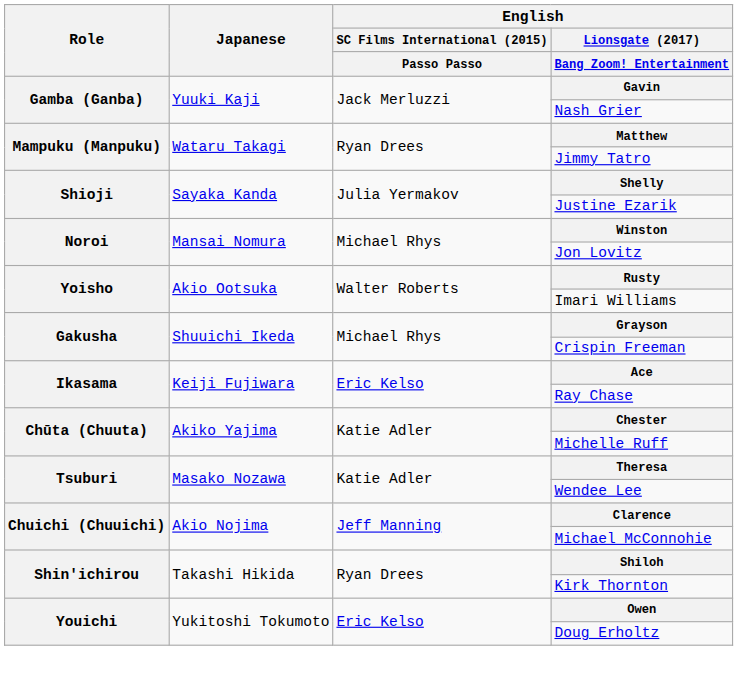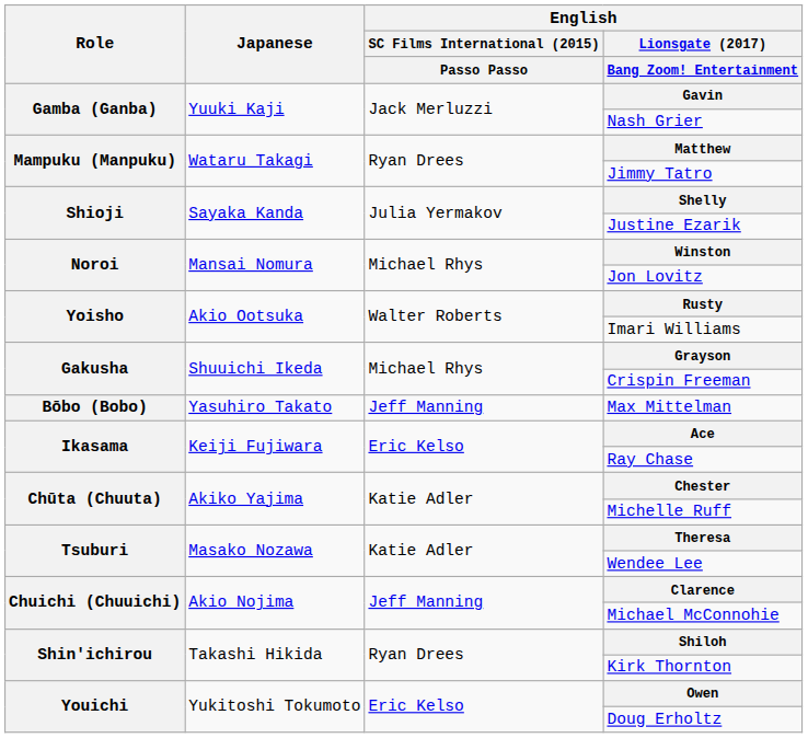 <table class="wikitable mw-collapsible">
 <tr>
 <th rowspan="3">Role</th>
 <th rowspan="3">Japanese</th>
 <th colspan="2">English</th>
 </tr>
 <tr>
 <th><small>SC Films International (2015)</small></th>
 <th><small><a href='#'>Lionsgate</a> (2017)</small></th>
 </tr>
 <tr>
 <th><small>Passo Passo</small></th>
 <th><small><a href='#'>Bang Zoom! Entertainment</a></small></th>
 </tr>
 <tr>
 <th rowspan="2">Gamba (Ganba)</th>
 <td rowspan="2"><a href='#'>Yuuki Kaji</a></td>
 <td rowspan="2">Jack Merluzzi</td>
 <th><small>Gavin</small></th>
 </tr>
 <tr>
 <td><a href='#'>Nash Grier</a></td>
 </tr>
 <tr>
 <th rowspan="2">Mampuku (Manpuku)</th>
 <td rowspan="2"><a href='#'>Wataru Takagi</a></td>
 <td rowspan="2">Ryan Drees</td>
 <th><small>Matthew</small></th>
 </tr>
 <tr>
 <td><a href='#'>Jimmy Tatro</a></td>
 </tr>
 <tr>
 <th rowspan="2">Shioji</th>
 <td rowspan="2"><a href='#'>Sayaka Kanda</a></td>
 <td rowspan="2">Julia Yermakov</td>
 <th><small>Shelly</small></th>
 </tr>
 <tr>
 <td><a href='#'>Justine Ezarik</a></td>
 </tr>
 <tr>
 <th rowspan="2">Noroi</th>
 <td rowspan="2"><a href='#'>Mansai Nomura</a></td>
 <td rowspan="2">Michael Rhys</td>
 <th><small>Winston</small></th>
 </tr>
 <tr>
 <td><a href='#'>Jon Lovitz</a></td>
 </tr>
 <tr>
 <th rowspan="2">Yoisho</th>
 <td rowspan="2"><a href='#'>Akio Ootsuka</a></td>
 <td rowspan="2">Walter Roberts</td>
 <th><small>Rusty</small></th>
 </tr>
 <tr>
 <td>Imari Williams</td>
 </tr>
 <tr>
 <th rowspan="2">Gakusha</th>
 <td rowspan="2"><a href='#'>Shuuichi Ikeda</a></td>
 <td rowspan="2">Michael Rhys</td>
 <th><small>Grayson</small></th>
 </tr>
 <tr>
 <td><a href='#'>Crispin Freeman</a></td>
 </tr>
 <tr>
+<th>Bōbo (Bobo)</th>
+<td><a href='#'>Yasuhiro Takato</a></td>
+<td><a href='#'>Jeff Manning</a></td>
+<td><a href='#'>Max Mittelman</a></td>
+</tr>
+<tr>
 <th rowspan="2">Ikasama</th>
 <td rowspan="2"><a href='#'>Keiji Fujiwara</a></td>
 <td rowspan="2"><a href='#'>Eric Kelso</a></td>
 <th><small>Ace</small></th>
 </tr>
 <tr>
 <td><a href='#'>Ray Chase</a></td>
 </tr>
 <tr>
 <th rowspan="2">Chūta (Chuuta)</th>
 <td rowspan="2"><a href='#'>Akiko Yajima</a></td>
 <td rowspan="2">Katie Adler</td>
 <th><small>Chester</small></th>
 </tr>
 <tr>
 <td><a href='#'>Michelle Ruff</a></td>
 </tr>
 <tr>
 <th rowspan="2">Tsuburi</th>
 <td rowspan="2"><a href='#'>Masako Nozawa</a></td>
 <td rowspan="2">Katie Adler</td>
 <th><small>Theresa</small></th>
 </tr>
 <tr>
 <td><a href='#'>Wendee Lee</a></td>
 </tr>
 <tr>
 <th rowspan="2">Chuichi (Chuuichi)</th>
 <td rowspan="2"><a href='#'>Akio Nojima</a></td>
 <td rowspan="2"><a href='#'>Jeff Manning</a></td>
 <th><small>Clarence</small></th>
 </tr>
 <tr>
 <td><a href='#'>Michael McConnohie</a></td>
 </tr>
 <tr>
 <th rowspan="2">Shin'ichirou</th>
 <td rowspan="2">Takashi Hikida</td>
 <td rowspan="2">Ryan Drees</td>
 <th><small>Shiloh</small></th>
 </tr>
 <tr>
 <td><a href='#'>Kirk Thornton</a></td>
 </tr>
 <tr>
 <th rowspan="2">Youichi</th>
 <td rowspan="2">Yukitoshi Tokumoto</td>
 <td rowspan="2"><a href='#'>Eric Kelso</a></td>
 <th><small>Owen</small></th>
 </tr>
 <tr>
 <td><a href='#'>Doug Erholtz</a></td>
 </tr>
 </table>
